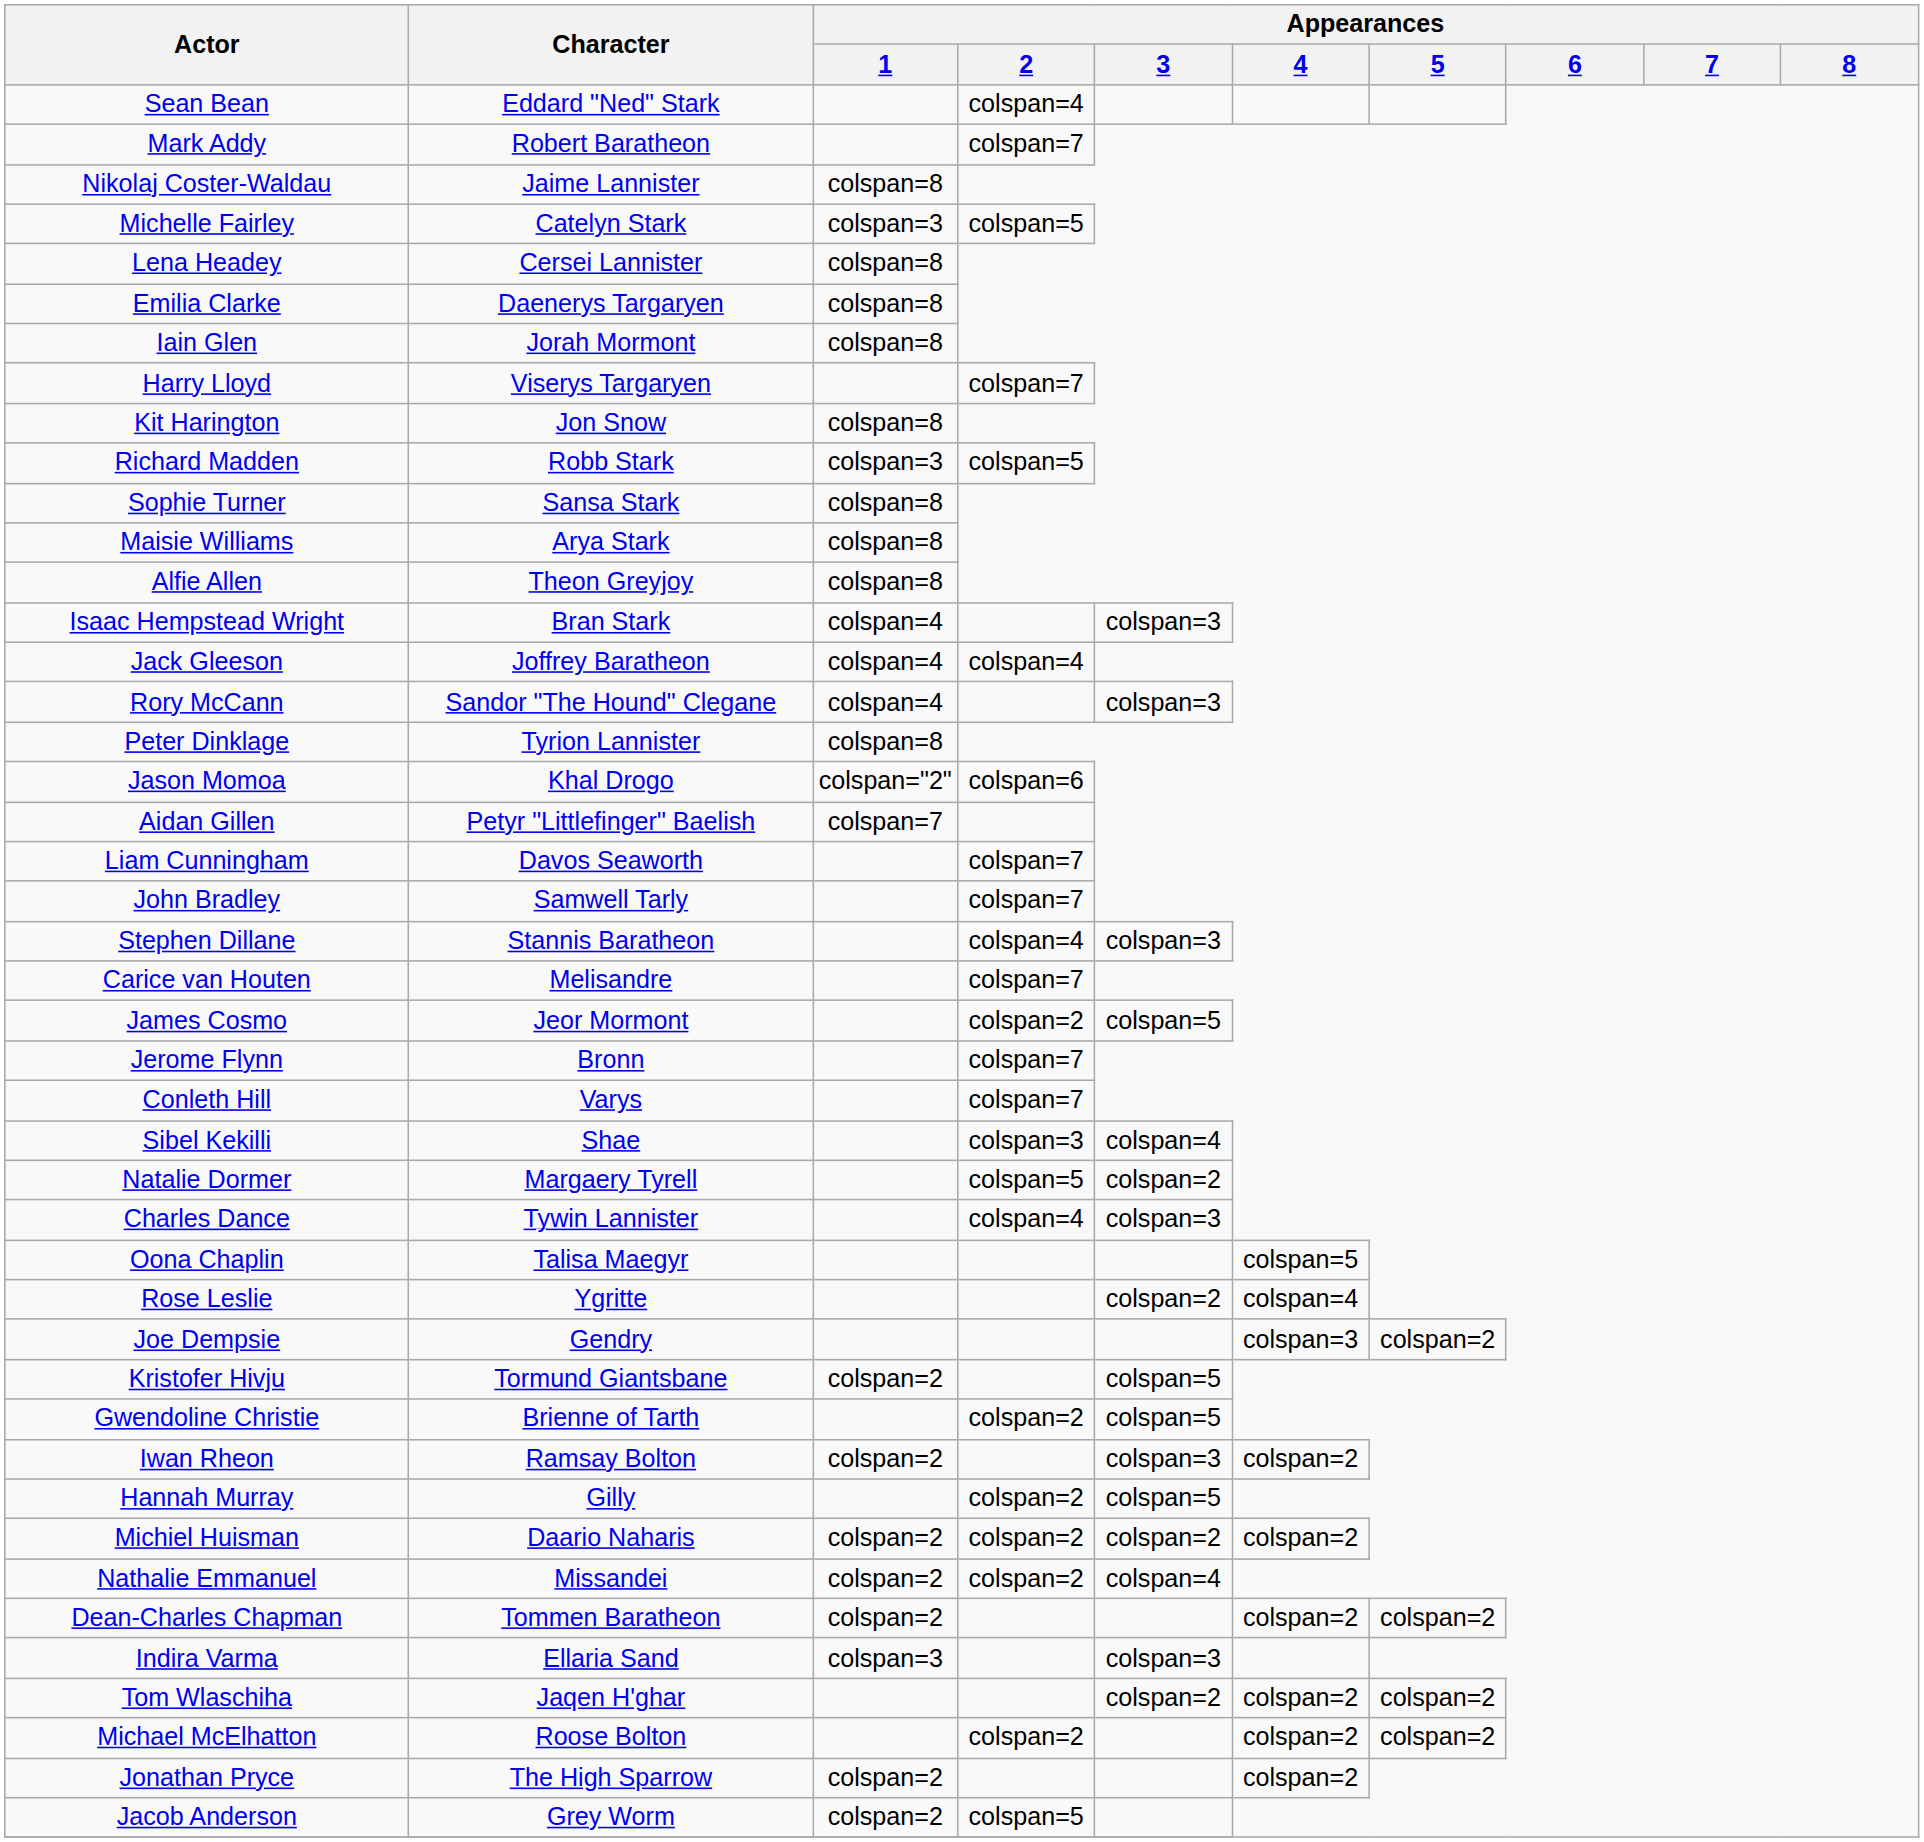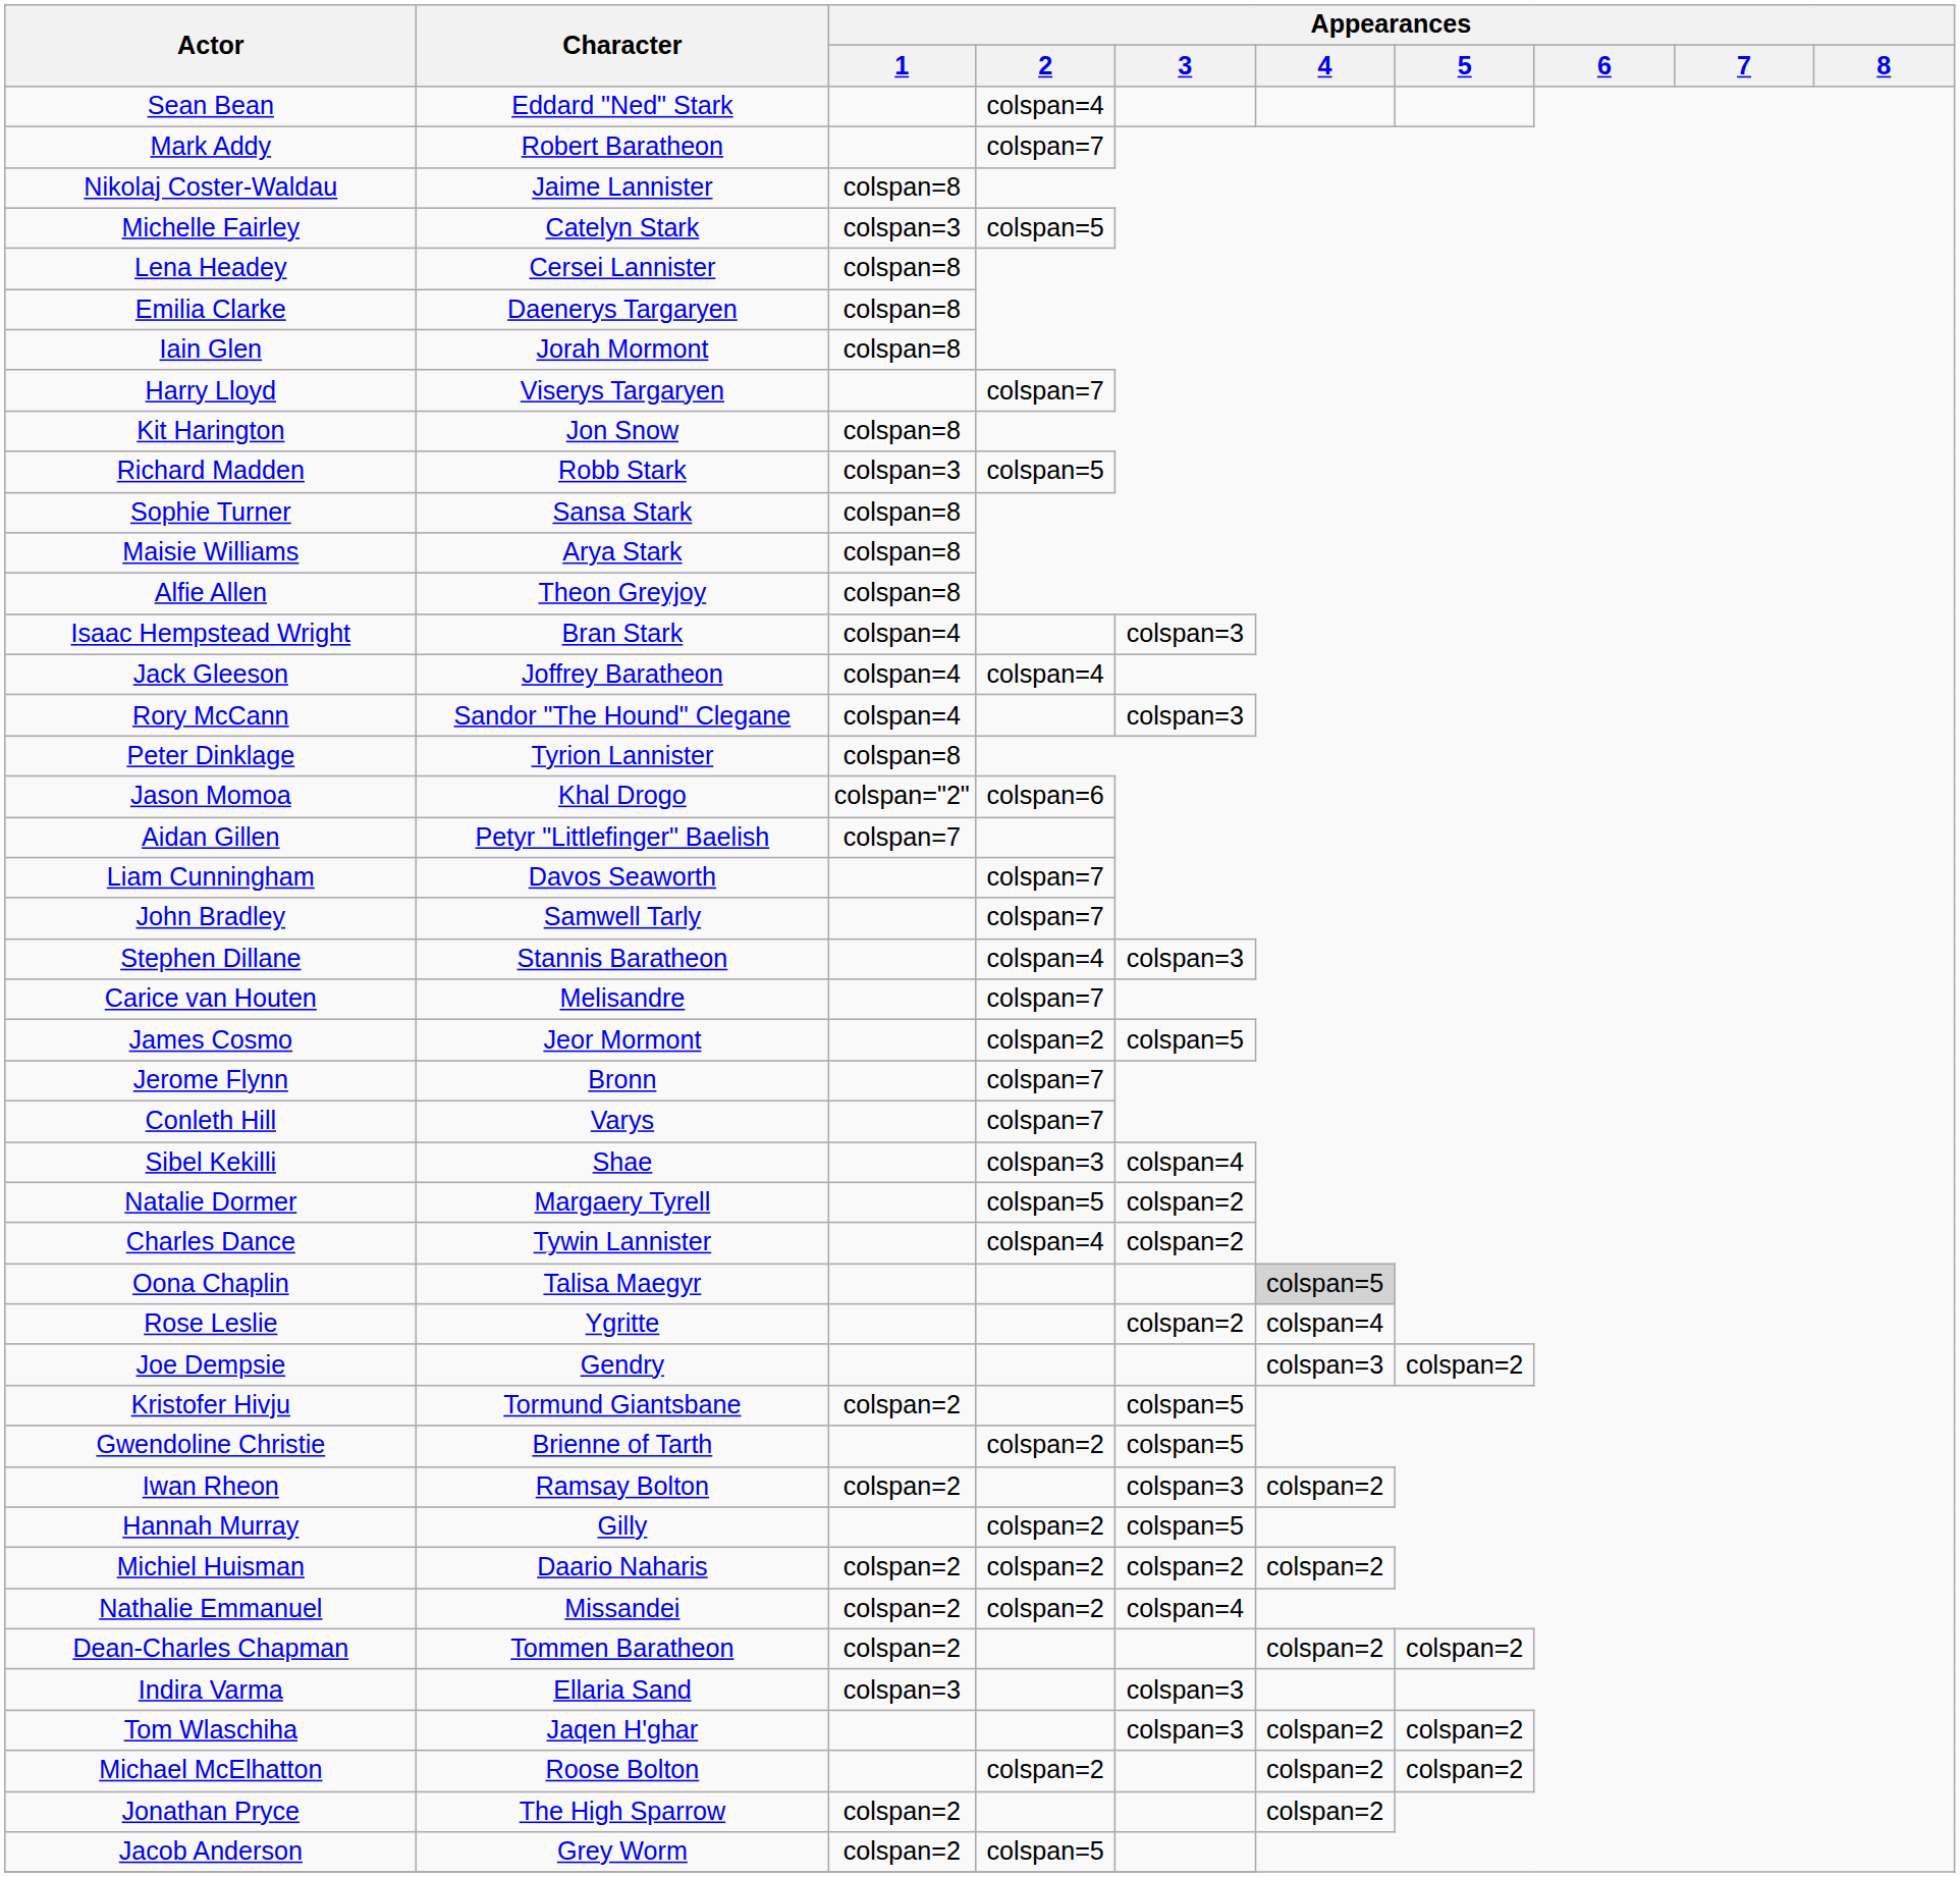 <table class="wikitable col1left col2left sortable" style="text-align:center;">
 <tr>
 <th rowspan=2 style="width:250px;">Actor</th>
 <th rowspan=2 style="width:250px;">Character</th>
 <th colspan=8>Appearances</th>
 </tr>
 <tr>
 <th style="width:80px;"><a href='#'>1</a></th>
 <th style="width:80px;"><a href='#'>2</a></th>
 <th style="width:80px;"><a href='#'>3</a></th>
 <th style="width:80px;"><a href='#'>4</a></th>
 <th style="width:80px;"><a href='#'>5</a></th>
 <th style="width:80px;"><a href='#'>6</a></th>
 <th style="width:80px;"><a href='#'>7</a></th>
 <th style="width:80px;"><a href='#'>8</a></th>
 </tr>
 <tr>
 <td><a href='#'>Sean Bean</a></td>
 <td><a href='#'>Eddard "Ned" Stark</a></td>
 <td></td>
 <td>colspan=4 </td>
 <td></td>
 <td></td>
 <td></td>
 </tr>
 <tr>
 <td><a href='#'>Mark Addy</a></td>
 <td><a href='#'>Robert Baratheon</a></td>
 <td></td>
 <td>colspan=7 </td>
 </tr>
 <tr>
 <td><a href='#'>Nikolaj Coster-Waldau</a></td>
 <td><a href='#'>Jaime Lannister</a></td>
 <td>colspan=8 </td>
 </tr>
 <tr>
 <td><a href='#'>Michelle Fairley</a></td>
 <td><a href='#'>Catelyn Stark</a></td>
 <td>colspan=3 </td>
 <td>colspan=5 </td>
 </tr>
 <tr>
 <td><a href='#'>Lena Headey</a></td>
 <td><a href='#'>Cersei Lannister</a></td>
 <td>colspan=8 </td>
 </tr>
 <tr>
 <td><a href='#'>Emilia Clarke</a></td>
 <td><a href='#'>Daenerys Targaryen</a></td>
 <td>colspan=8 </td>
 </tr>
 <tr>
 <td><a href='#'>Iain Glen</a></td>
 <td><a href='#'>Jorah Mormont</a></td>
 <td>colspan=8 </td>
 </tr>
 <tr>
 <td><a href='#'>Harry Lloyd</a></td>
 <td><a href='#'>Viserys Targaryen</a></td>
 <td></td>
 <td>colspan=7 </td>
 </tr>
 <tr>
 <td><a href='#'>Kit Harington</a></td>
 <td><a href='#'>Jon Snow</a></td>
 <td>colspan=8 </td>
 </tr>
 <tr>
 <td><a href='#'>Richard Madden</a></td>
 <td><a href='#'>Robb Stark</a></td>
 <td>colspan=3 </td>
 <td>colspan=5 </td>
 </tr>
 <tr>
 <td><a href='#'>Sophie Turner</a></td>
 <td><a href='#'>Sansa Stark</a></td>
 <td>colspan=8 </td>
 </tr>
 <tr>
 <td><a href='#'>Maisie Williams</a></td>
 <td><a href='#'>Arya Stark</a></td>
 <td>colspan=8 </td>
 </tr>
 <tr>
 <td><a href='#'>Alfie Allen</a></td>
 <td><a href='#'>Theon Greyjoy</a></td>
 <td>colspan=8 </td>
 </tr>
 <tr>
 <td><a href='#'>Isaac Hempstead Wright</a></td>
 <td><a href='#'>Bran Stark</a></td>
 <td>colspan=4 </td>
 <td></td>
 <td>colspan=3 </td>
 </tr>
 <tr>
 <td><a href='#'>Jack Gleeson</a></td>
 <td><a href='#'>Joffrey Baratheon</a></td>
 <td>colspan=4 </td>
 <td>colspan=4 </td>
 </tr>
 <tr>
 <td><a href='#'>Rory McCann</a></td>
 <td><a href='#'>Sandor "The Hound" Clegane</a></td>
 <td>colspan=4 </td>
 <td></td>
 <td>colspan=3 </td>
 </tr>
 <tr>
 <td><a href='#'>Peter Dinklage</a></td>
 <td><a href='#'>Tyrion Lannister</a></td>
 <td>colspan=8 </td>
 </tr>
 <tr>
 <td><a href='#'>Jason Momoa</a></td>
 <td><a href='#'>Khal Drogo</a></td>
 <td>colspan="2" </td>
 <td>colspan=6 </td>
 </tr>
 <tr>
 <td><a href='#'>Aidan Gillen</a></td>
 <td><a href='#'>Petyr "Littlefinger" Baelish</a></td>
 <td>colspan=7 </td>
 <td></td>
 </tr>
 <tr>
 <td><a href='#'>Liam Cunningham</a></td>
 <td><a href='#'>Davos Seaworth</a></td>
 <td></td>
 <td>colspan=7 </td>
 </tr>
 <tr>
 <td><a href='#'>John Bradley</a></td>
 <td><a href='#'>Samwell Tarly</a></td>
 <td></td>
 <td>colspan=7 </td>
 </tr>
 <tr>
 <td><a href='#'>Stephen Dillane</a></td>
 <td><a href='#'>Stannis Baratheon</a></td>
 <td></td>
 <td>colspan=4 </td>
 <td>colspan=3 </td>
 </tr>
 <tr>
 <td><a href='#'>Carice van Houten</a></td>
 <td><a href='#'>Melisandre</a></td>
 <td></td>
 <td>colspan=7 </td>
 </tr>
 <tr>
 <td><a href='#'>James Cosmo</a></td>
 <td><a href='#'>Jeor Mormont</a></td>
 <td></td>
 <td>colspan=2 </td>
 <td>colspan=5 </td>
 </tr>
 <tr>
 <td><a href='#'>Jerome Flynn</a></td>
 <td><a href='#'>Bronn</a></td>
 <td></td>
 <td>colspan=7 </td>
 </tr>
 <tr>
 <td><a href='#'>Conleth Hill</a></td>
 <td><a href='#'>Varys</a></td>
 <td></td>
 <td>colspan=7 </td>
 </tr>
 <tr>
 <td><a href='#'>Sibel Kekilli</a></td>
 <td><a href='#'>Shae</a></td>
 <td></td>
 <td>colspan=3 </td>
 <td>colspan=4 </td>
 </tr>
 <tr>
 <td><a href='#'>Natalie Dormer</a></td>
 <td><a href='#'>Margaery Tyrell</a></td>
 <td></td>
 <td>colspan=5 </td>
 <td>colspan=2 </td>
 </tr>
 <tr>
 <td><a href='#'>Charles Dance</a></td>
 <td><a href='#'>Tywin Lannister</a></td>
 <td></td>
 <td>colspan=4 </td>
-<td>colspan=3 </td>
+<td>colspan=2 </td>
 </tr>
 <tr>
 <td><a href='#'>Oona Chaplin</a></td>
 <td><a href='#'>Talisa Maegyr</a></td>
 <td></td>
 <td></td>
 <td></td>
-<td>colspan=5 </td>
+<td style="background: lightgrey;">colspan=5 </td>
 </tr>
 <tr>
 <td><a href='#'>Rose Leslie</a></td>
 <td><a href='#'>Ygritte</a></td>
 <td></td>
 <td></td>
 <td>colspan=2 </td>
 <td>colspan=4 </td>
 </tr>
 <tr>
 <td><a href='#'>Joe Dempsie</a></td>
 <td><a href='#'>Gendry</a></td>
 <td></td>
 <td></td>
 <td></td>
 <td>colspan=3 </td>
 <td>colspan=2 </td>
 </tr>
 <tr>
 <td><a href='#'>Kristofer Hivju</a></td>
 <td><a href='#'>Tormund Giantsbane</a></td>
 <td>colspan=2 </td>
 <td></td>
 <td>colspan=5 </td>
 </tr>
 <tr>
 <td><a href='#'>Gwendoline Christie</a></td>
 <td><a href='#'>Brienne of Tarth</a></td>
 <td></td>
 <td>colspan=2 </td>
 <td>colspan=5 </td>
 </tr>
 <tr>
 <td><a href='#'>Iwan Rheon</a></td>
 <td><a href='#'>Ramsay Bolton</a></td>
 <td>colspan=2 </td>
 <td></td>
 <td>colspan=3 </td>
 <td>colspan=2 </td>
 </tr>
 <tr>
 <td><a href='#'>Hannah Murray</a></td>
 <td><a href='#'>Gilly</a></td>
 <td></td>
 <td>colspan=2 </td>
 <td>colspan=5 </td>
 </tr>
 <tr>
 <td><a href='#'>Michiel Huisman</a></td>
 <td><a href='#'>Daario Naharis</a></td>
 <td>colspan=2 </td>
 <td>colspan=2 </td>
 <td>colspan=2 </td>
 <td>colspan=2 </td>
 </tr>
 <tr>
 <td><a href='#'>Nathalie Emmanuel</a></td>
 <td><a href='#'>Missandei</a></td>
 <td>colspan=2 </td>
 <td>colspan=2 </td>
 <td>colspan=4 </td>
 </tr>
 <tr>
 <td><a href='#'>Dean-Charles Chapman</a></td>
 <td><a href='#'>Tommen Baratheon</a></td>
 <td>colspan=2 </td>
 <td></td>
 <td></td>
 <td>colspan=2 </td>
 <td>colspan=2 </td>
 </tr>
 <tr>
 <td><a href='#'>Indira Varma</a></td>
 <td><a href='#'>Ellaria Sand</a></td>
 <td>colspan=3 </td>
 <td></td>
 <td>colspan=3 </td>
 <td></td>
 </tr>
 <tr>
 <td><a href='#'>Tom Wlaschiha</a></td>
 <td><a href='#'>Jaqen H'ghar</a></td>
 <td></td>
 <td></td>
-<td>colspan=2 </td>
+<td>colspan=3 </td>
 <td>colspan=2 </td>
 <td>colspan=2 </td>
 </tr>
 <tr>
 <td><a href='#'>Michael McElhatton</a></td>
 <td><a href='#'>Roose Bolton</a></td>
 <td></td>
 <td>colspan=2 </td>
 <td></td>
 <td>colspan=2 </td>
 <td>colspan=2 </td>
 </tr>
 <tr>
 <td><a href='#'>Jonathan Pryce</a></td>
 <td><a href='#'>The High Sparrow</a></td>
 <td>colspan=2 </td>
 <td></td>
 <td></td>
 <td>colspan=2 </td>
 </tr>
 <tr>
 <td><a href='#'>Jacob Anderson</a></td>
 <td><a href='#'>Grey Worm</a></td>
 <td>colspan=2 </td>
 <td>colspan=5 </td>
 <td></td>
 </tr>
 <tr>
 </tr>
 </table>
